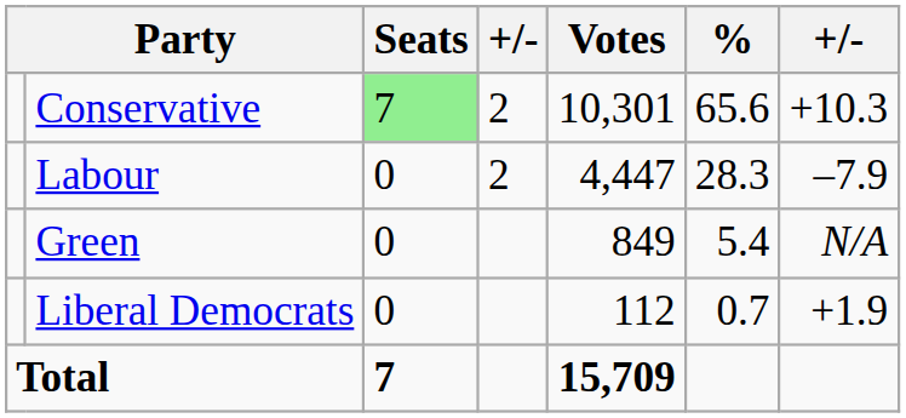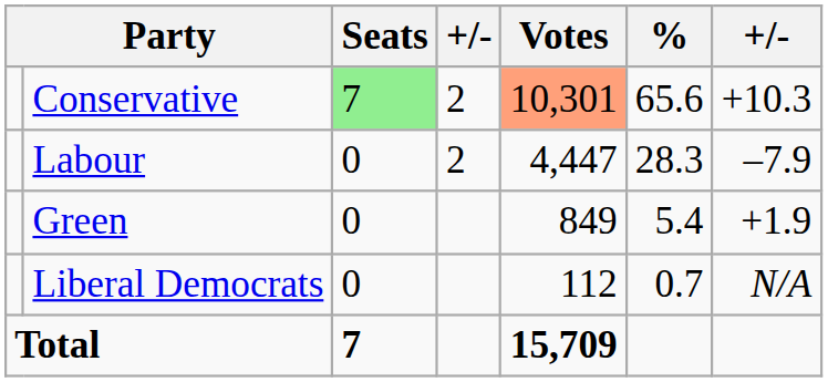 <table class="wikitable sortable">
 <tr>
 <th colspan="2">Party</th>
 <th>Seats</th>
 <th>+/-</th>
 <th>Votes</th>
 <th>%</th>
 <th>+/-</th>
 </tr>
 <tr>
 <td style="background-color: "></td>
 <td><a href='#'>Conservative</a></td>
 <td style="background: lightgreen;">7</td>
 <td> 2</td>
-<td style="text-align:right;">10,301</td>
+<td style="background: lightsalmon; text-align:right;">10,301</td>
 <td style="text-align:right;">65.6</td>
 <td style="text-align:right;">+10.3</td>
 </tr>
 <tr>
 <td style="background-color: "></td>
 <td><a href='#'>Labour</a></td>
 <td>0</td>
 <td> 2</td>
 <td style="text-align:right;">4,447</td>
 <td style="text-align:right;">28.3</td>
 <td style="text-align:right;">–7.9</td>
 </tr>
 <tr>
 <td style="background-color: "></td>
 <td><a href='#'>Green</a></td>
 <td>0</td>
 <td></td>
 <td style="text-align:right;">849</td>
 <td style="text-align:right;">5.4</td>
-<td style="text-align:right;"><em>N/A</em></td>
+<td style="text-align:right;">+1.9</td>
 </tr>
 <tr>
 <td style="background-color: "></td>
 <td><a href='#'>Liberal Democrats</a></td>
 <td>0</td>
 <td></td>
 <td style="text-align:right;">112</td>
 <td style="text-align:right;">0.7</td>
-<td style="text-align:right;">+1.9</td>
+<td style="text-align:right;"><em>N/A</em></td>
 </tr>
 <tr>
 <td colspan="2"><strong>Total</strong></td>
 <td><strong>7</strong></td>
 <td></td>
 <td style="text-align:right;"><strong>15,709</strong></td>
 <td style="text-align:right;"></td>
 <td style="text-align:right;"></td>
 </tr>
 </table>
